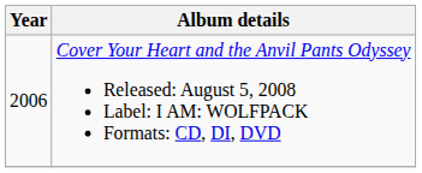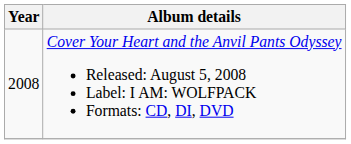 <table class="wikitable">
 <tr>
 <th>Year</th>
 <th>Album details</th>
 </tr>
 <tr>
-<td align="center">2006</td>
+<td align="center">2008</td>
 <td><em><a href='#'>Cover Your Heart and the Anvil Pants Odyssey</a></em><br><ul><li>Released: August 5, 2008</li><li>Label: I AM: WOLFPACK</li><li>Formats: <a href='#'>CD</a>, <a href='#'>DI</a>, <a href='#'>DVD</a></li></ul></td>
 </tr>
 <tr>
 </tr>
 </table>
